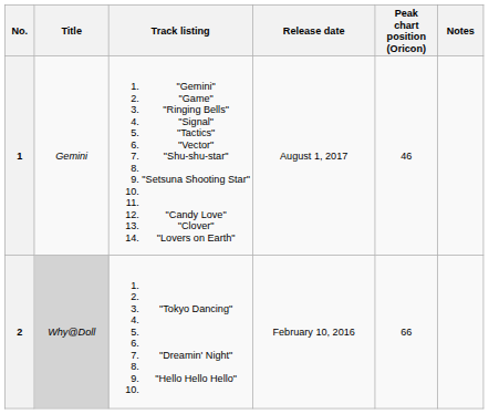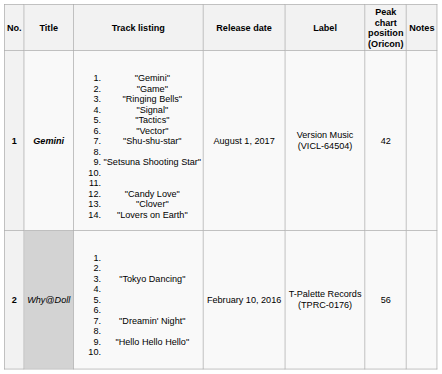 <table class="wikitable" style="font-size:small;text-align:center">
 <tr>
 <th>No.</th>
 <th>Title</th>
 <th style="width:30%;">Track listing</th>
 <th>Release date</th>
+<th>Label</th>
 <th>Peak  <br> chart <br> position  <br> (Oricon)</th>
 <th>Notes</th>
 </tr>
 <tr>
 <th>1</th>
-<td><em>Gemini</em></td>
+<td><strong><em>Gemini</em></strong></td>
 <td style="white-space:nowrap;"><br><ol><li>"Gemini"</li><li>"Game"</li><li>"Ringing Bells"</li><li>"Signal"</li><li>"Tactics"</li><li>"Vector"</li><li>"Shu-shu-star"</li><li></li><li>"Setsuna Shooting Star"</li><li></li><li></li><li>"Candy Love"</li><li>"Clover"</li><li>"Lovers on Earth"</li></ol></td>
 <td>August 1, 2017</td>
-<td>46</td>
+<td>Version Music <br> (VICL-64504)</td>
+<td>42</td>
 <td></td>
 </tr>
 <tr>
 <th>2</th>
 <td style="background: lightgrey;"><em>Why@Doll</em></td>
 <td style="white-space:nowrap;"><br><ol><li></li><li></li><li>"Tokyo Dancing"</li><li></li><li></li><li></li><li>"Dreamin' Night"</li><li></li><li>"Hello Hello Hello"</li><li></li></ol></td>
 <td>February 10, 2016</td>
-<td>66</td>
+<td>T-Palette Records <br> (TPRC-0176)</td>
+<td>56</td>
 <td></td>
 </tr>
 </table>
